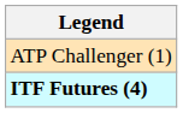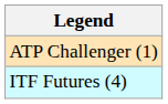 <table class=wikitable style=font-size:97%>
 <tr>
 <th>Legend</th>
 </tr>
 <tr bgcolor=moccasin>
 <td>ATP Challenger (1)</td>
 </tr>
 <tr bgcolor=cffcff>
-<td><strong>ITF Futures (4)</strong></td>
+<td>ITF Futures (4)</td>
 </tr>
 </table>
